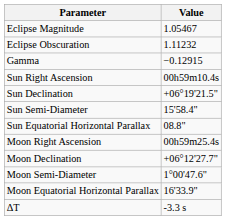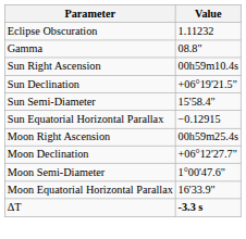 <table class="wikitable">
 <tr>
 <th>Parameter</th>
 <th>Value</th>
-</tr>
-<tr>
-<td>Eclipse Magnitude</td>
-<td>1.05467</td>
 </tr>
 <tr>
 <td>Eclipse Obscuration</td>
 <td>1.11232</td>
 </tr>
 <tr>
 <td>Gamma</td>
-<td>−0.12915</td>
+<td>08.8"</td>
 </tr>
 <tr>
 <td>Sun Right Ascension</td>
 <td>00h59m10.4s</td>
 </tr>
 <tr>
 <td>Sun Declination</td>
 <td>+06°19'21.5"</td>
 </tr>
 <tr>
 <td>Sun Semi-Diameter</td>
 <td>15'58.4"</td>
 </tr>
 <tr>
 <td>Sun Equatorial Horizontal Parallax</td>
-<td>08.8"</td>
+<td>−0.12915</td>
 </tr>
 <tr>
 <td>Moon Right Ascension</td>
 <td>00h59m25.4s</td>
 </tr>
 <tr>
 <td>Moon Declination</td>
 <td>+06°12'27.7"</td>
 </tr>
 <tr>
 <td>Moon Semi-Diameter</td>
 <td>1°00'47.6"</td>
 </tr>
 <tr>
 <td>Moon Equatorial Horizontal Parallax</td>
 <td>16'33.9"</td>
 </tr>
 <tr>
 <td>ΔT</td>
-<td>-3.3 s</td>
+<td><strong>-3.3 s</strong></td>
 </tr>
 </table>
